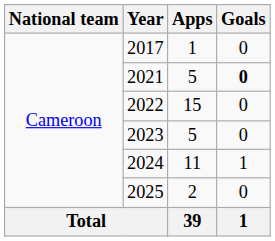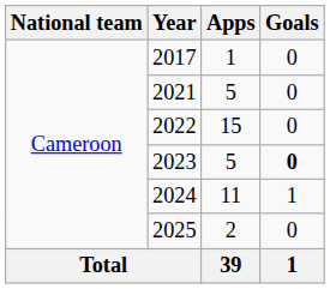 <table class="wikitable" style="text-align:center">
 <tr>
 <th>National team</th>
 <th>Year</th>
 <th>Apps</th>
 <th>Goals</th>
 </tr>
 <tr>
 <td rowspan="6"><a href='#'>Cameroon</a></td>
 <td>2017</td>
 <td>1</td>
 <td>0</td>
 </tr>
 <tr>
 <td>2021</td>
 <td>5</td>
-<td><strong>0</strong></td>
+<td>0</td>
 </tr>
 <tr>
 <td>2022</td>
 <td>15</td>
 <td>0</td>
 </tr>
 <tr>
 <td>2023</td>
 <td>5</td>
-<td>0</td>
+<td><strong>0</strong></td>
 </tr>
 <tr>
 <td>2024</td>
 <td>11</td>
 <td>1</td>
 </tr>
 <tr>
 <td>2025</td>
 <td>2</td>
 <td>0</td>
 </tr>
 <tr>
 <th colspan="2">Total</th>
 <th>39</th>
 <th>1</th>
 </tr>
 </table>
